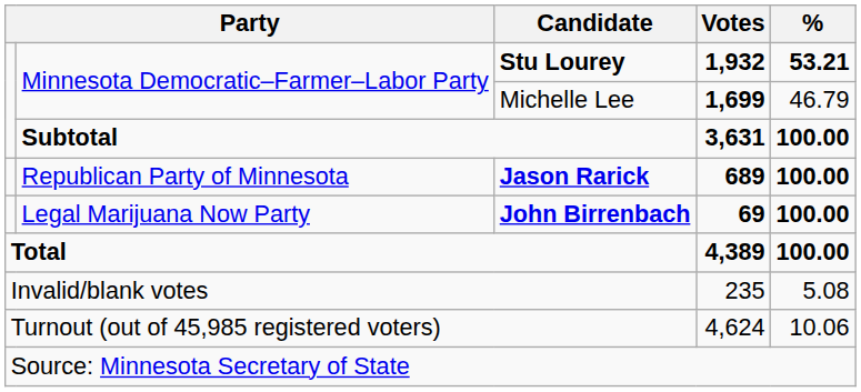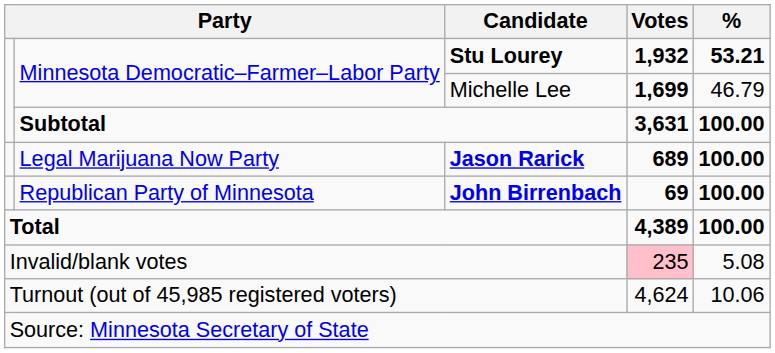 <table class="wikitable">
 <tr>
 <th colspan="2">Party</th>
 <th>Candidate</th>
 <th>Votes</th>
 <th>%</th>
 </tr>
 <tr>
 <td rowspan="3" style="background-color:"></td>
 <td rowspan="2"><a href='#'>Minnesota Democratic–Farmer–Labor Party</a></td>
 <td><strong>Stu Lourey</strong></td>
 <td align="right"><strong>1,932</strong></td>
 <td align="right"><strong>53.21</strong></td>
 </tr>
 <tr>
 <td>Michelle Lee</td>
 <td align="right"><strong>1,699</strong></td>
 <td align="right">46.79</td>
 </tr>
 <tr>
 <td colspan="2"><strong>Subtotal</strong></td>
 <td align="right"><strong>3,631</strong></td>
 <td align="right"><strong>100.00</strong></td>
 </tr>
 <tr>
 <td style="background-color:"></td>
-<td><a href='#'>Republican Party of Minnesota</a></td>
+<td><a href='#'>Legal Marijuana Now Party</a></td>
 <td><strong><a href='#'>Jason Rarick</a></strong></td>
 <td align="right"><strong>689</strong></td>
 <td align="right"><strong>100.00</strong></td>
 </tr>
 <tr>
 <td style="background-color:"></td>
-<td><a href='#'>Legal Marijuana Now Party</a></td>
+<td><a href='#'>Republican Party of Minnesota</a></td>
 <td><strong><a href='#'>John Birrenbach</a></strong></td>
 <td align="right"><strong>69</strong></td>
 <td align="right"><strong>100.00</strong></td>
 </tr>
 <tr>
 <td colspan="3"><strong>Total</strong></td>
 <td align="right"><strong>4,389</strong></td>
 <td align="right"><strong>100.00</strong></td>
 </tr>
 <tr>
 <td colspan="3">Invalid/blank votes</td>
-<td align="right">235</td>
+<td align="right" style="background: pink;">235</td>
 <td align="right">5.08</td>
 </tr>
 <tr>
 <td colspan="3">Turnout (out of 45,985 registered voters)</td>
 <td align="right">4,624</td>
 <td align="right">10.06</td>
 </tr>
 <tr>
 <td colspan="5">Source: <a href='#'>Minnesota Secretary of State</a></td>
 </tr>
 </table>
